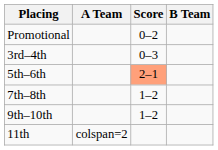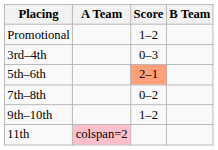 <table class=wikitable style="border:1px solid #AAAAAA;">
 <tr>
 <th>Placing</th>
 <th>A Team</th>
 <th>Score</th>
 <th>B Team</th>
 </tr>
 <tr>
 <td>Promotional</td>
 <td></td>
-<td align="center">0–2</td>
+<td align="center">1–2</td>
 <td><strong></strong></td>
 </tr>
 <tr>
 <td>3rd–4th</td>
 <td></td>
 <td align="center">0–3</td>
 <td><strong></strong></td>
 </tr>
 <tr>
 <td>5th–6th</td>
 <td><strong></strong></td>
 <td align="center" style="background: lightsalmon;">2–1</td>
 <td></td>
 </tr>
 <tr>
 <td>7th–8th</td>
 <td></td>
-<td align="center">1–2</td>
+<td align="center">0–2</td>
 <td><strong></strong></td>
 </tr>
 <tr>
 <td>9th–10th</td>
 <td></td>
 <td align="center">1–2</td>
 <td><strong></strong></td>
 </tr>
 <tr>
 <td>11th</td>
-<td>colspan=2 </td>
+<td style="background: pink;">colspan=2 </td>
 <td></td>
 </tr>
 </table>
